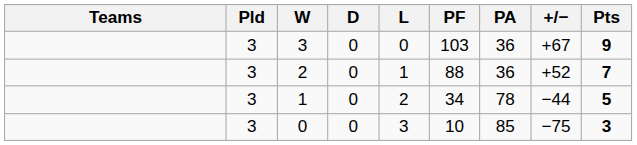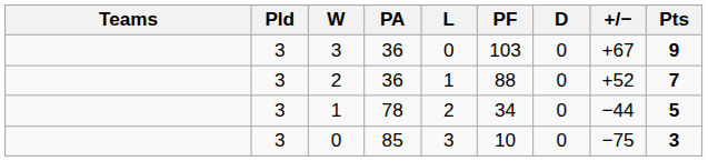 <table class="wikitable" style="text-align: center;">
 <tr>
 <th width="200">Teams</th>
 <th width="40">Pld</th>
 <th width="40">W</th>
-<th width="40">D</th>
+<th width="40">PA</th>
 <th width="40">L</th>
 <th width="40">PF</th>
-<th width="40">PA</th>
+<th width="40">D</th>
 <th width="40">+/−</th>
 <th width="40">Pts</th>
 </tr>
 <tr>
 <td align=left></td>
 <td>3</td>
 <td>3</td>
-<td>0</td>
+<td>36</td>
 <td>0</td>
 <td>103</td>
-<td>36</td>
+<td>0</td>
 <td>+67</td>
 <td><strong>9</strong></td>
 </tr>
 <tr>
 <td align=left></td>
 <td>3</td>
 <td>2</td>
-<td>0</td>
+<td>36</td>
 <td>1</td>
 <td>88</td>
-<td>36</td>
+<td>0</td>
 <td>+52</td>
 <td><strong>7</strong></td>
 </tr>
 <tr>
 <td align=left></td>
 <td>3</td>
 <td>1</td>
-<td>0</td>
+<td>78</td>
 <td>2</td>
 <td>34</td>
-<td>78</td>
+<td>0</td>
 <td>−44</td>
 <td><strong>5</strong></td>
 </tr>
 <tr>
 <td align=left></td>
 <td>3</td>
 <td>0</td>
-<td>0</td>
+<td>85</td>
 <td>3</td>
 <td>10</td>
-<td>85</td>
+<td>0</td>
 <td>−75</td>
 <td><strong>3</strong></td>
 </tr>
 </table>
